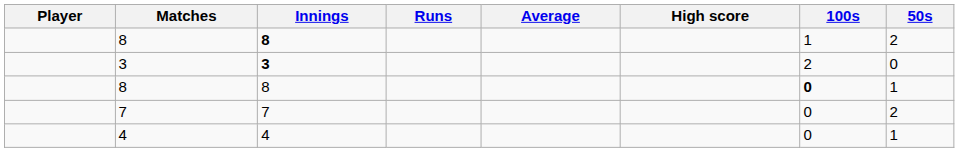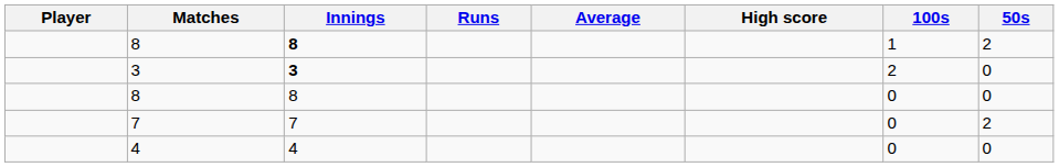 <table class="wikitable sortable" style="width:80%;">
 <tr>
 <th>Player</th>
 <th>Matches</th>
 <th><a href='#'>Innings</a></th>
 <th><a href='#'>Runs</a></th>
 <th><a href='#'>Average</a></th>
 <th>High score</th>
 <th><a href='#'>100s</a></th>
 <th><a href='#'>50s</a></th>
 </tr>
 <tr>
 <td></td>
 <td>8</td>
 <td><strong>8</strong></td>
 <td></td>
 <td></td>
 <td></td>
 <td>1</td>
 <td>2</td>
 </tr>
 <tr>
 <td></td>
 <td>3</td>
 <td><strong>3</strong></td>
 <td></td>
 <td></td>
 <td></td>
 <td>2</td>
 <td>0</td>
 </tr>
 <tr>
 <td></td>
 <td>8</td>
 <td>8</td>
 <td></td>
 <td></td>
 <td></td>
-<td><strong>0</strong></td>
-<td>1</td>
+<td>0</td>
+<td>0</td>
 </tr>
 <tr>
 <td></td>
 <td>7</td>
 <td>7</td>
 <td></td>
 <td></td>
 <td></td>
 <td>0</td>
 <td>2</td>
 </tr>
 <tr>
 <td></td>
 <td>4</td>
 <td>4</td>
 <td></td>
 <td></td>
 <td></td>
 <td>0</td>
-<td>1</td>
+<td>0</td>
 </tr>
 </table>
